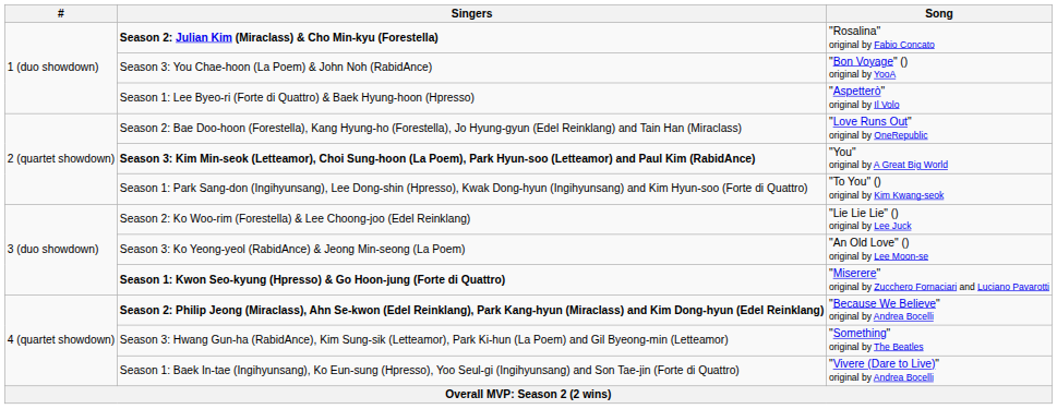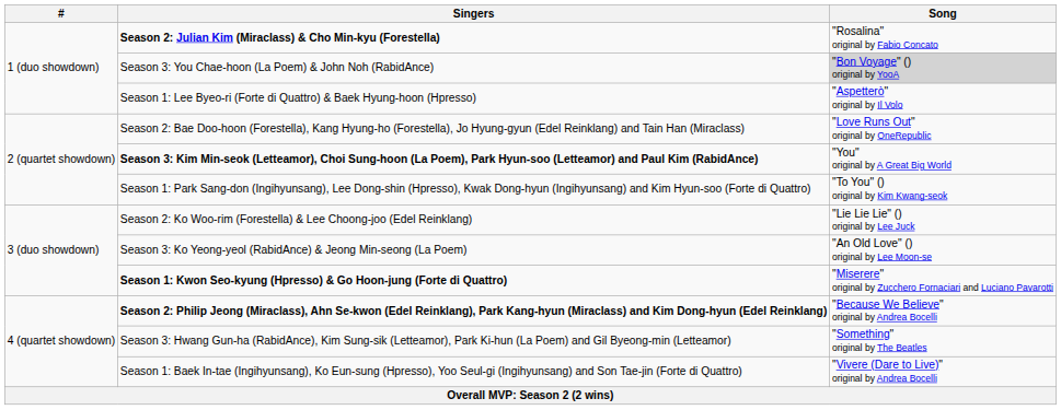 <table class="wikitable">
 <tr>
 <th style="text-align:center;">#</th>
 <th style="text-align:center;">Singers</th>
 <th style="text-align:center;">Song</th>
 </tr>
 <tr>
 <td rowspan="3">1 (duo showdown)</td>
 <td><strong>Season 2: <a href='#'>Julian Kim</a> (Miraclass) & Cho Min-kyu (Forestella)</strong></td>
 <td>"Rosalina" <br> <small>original by <a href='#'>Fabio Concato</a></small></td>
 </tr>
 <tr>
 <td>Season 3: You Chae-hoon (La Poem) & John Noh (RabidAnce)</td>
-<td>"<a href='#'>Bon Voyage</a>" () <br> <small>original by <a href='#'>YooA</a></small></td>
+<td style="background: lightgrey;">"<a href='#'>Bon Voyage</a>" () <br> <small>original by <a href='#'>YooA</a></small></td>
 </tr>
 <tr>
 <td>Season 1: Lee Byeo-ri (Forte di Quattro) & Baek Hyung-hoon (Hpresso)</td>
 <td>"<a href='#'>Aspetterò</a>" <br> <small>original by <a href='#'>Il Volo</a></small></td>
 </tr>
 <tr>
 <td rowspan="3">2 (quartet showdown)</td>
 <td>Season 2: Bae Doo-hoon (Forestella), Kang Hyung-ho (Forestella), Jo Hyung-gyun (Edel Reinklang) and Tain Han (Miraclass)</td>
 <td>"<a href='#'>Love Runs Out</a>" <br> <small>original by <a href='#'>OneRepublic</a></small></td>
 </tr>
 <tr>
 <td><strong>Season 3: Kim Min-seok (Letteamor), Choi Sung-hoon (La Poem), Park Hyun-soo (Letteamor) and Paul Kim (RabidAnce)</strong></td>
 <td>"You" <br> <small>original by <a href='#'>A Great Big World</a></small></td>
 </tr>
 <tr>
 <td>Season 1: Park Sang-don (Ingihyunsang), Lee Dong-shin (Hpresso), Kwak Dong-hyun (Ingihyunsang) and Kim Hyun-soo (Forte di Quattro)</td>
 <td>"To You" () <br> <small>original by <a href='#'>Kim Kwang-seok</a></small></td>
 </tr>
 <tr>
 <td rowspan="3">3 (duo showdown)</td>
 <td>Season 2: Ko Woo-rim (Forestella) & Lee Choong-joo (Edel Reinklang)</td>
 <td>"Lie Lie Lie" () <br> <small>original by <a href='#'>Lee Juck</a></small></td>
 </tr>
 <tr>
 <td>Season 3: Ko Yeong-yeol (RabidAnce) & Jeong Min-seong (La Poem)</td>
 <td>"An Old Love" () <br> <small>original by <a href='#'>Lee Moon-se</a></small></td>
 </tr>
 <tr>
 <td><strong>Season 1: Kwon Seo-kyung (Hpresso) & Go Hoon-jung (Forte di Quattro)</strong></td>
 <td>"<a href='#'>Miserere</a>" <br> <small>original by <a href='#'>Zucchero Fornaciari</a> and <a href='#'>Luciano Pavarotti</a></small></td>
 </tr>
 <tr>
 <td rowspan="3">4 (quartet showdown)</td>
 <td><strong>Season 2: Philip Jeong (Miraclass), Ahn Se-kwon (Edel Reinklang), Park Kang-hyun (Miraclass) and Kim Dong-hyun (Edel Reinklang)</strong></td>
 <td>"<a href='#'>Because We Believe</a>" <br> <small>original by <a href='#'>Andrea Bocelli</a></small></td>
 </tr>
 <tr>
 <td>Season 3: Hwang Gun-ha (RabidAnce), Kim Sung-sik (Letteamor), Park Ki-hun (La Poem) and Gil Byeong-min (Letteamor)</td>
 <td>"<a href='#'>Something</a>" <br> <small>original by <a href='#'>The Beatles</a></small></td>
 </tr>
 <tr>
 <td>Season 1: Baek In-tae (Ingihyunsang), Ko Eun-sung (Hpresso), Yoo Seul-gi (Ingihyunsang) and Son Tae-jin (Forte di Quattro)</td>
 <td>"<a href='#'>Vivere (Dare to Live)</a>" <br> <small>original by <a href='#'>Andrea Bocelli</a></small></td>
 </tr>
 <tr>
 <th style="text-align:center;" colspan="3">Overall MVP: <strong>Season 2</strong> (2 wins)</th>
 </tr>
 </table>
